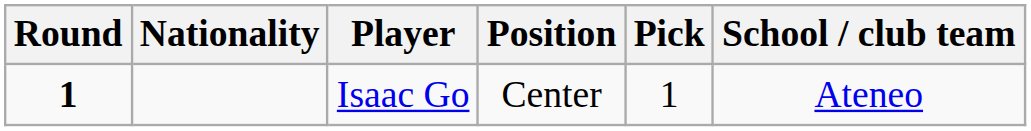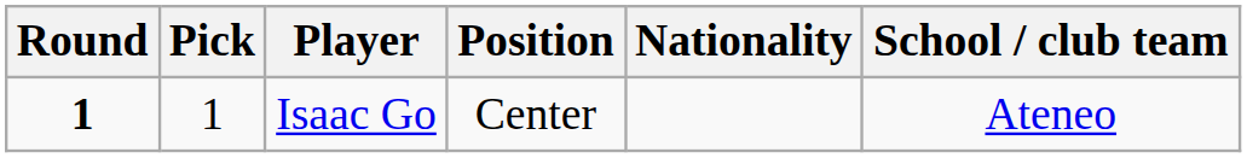 <table class="wikitable sortable sortable">
 <tr>
 <th>Round</th>
-<th>Nationality</th>
+<th>Pick</th>
 <th>Player</th>
 <th>Position</th>
-<th>Pick</th>
+<th>Nationality</th>
 <th>School / club team</th>
 </tr>
 <tr style="text-align: center">
 <td><strong>1</strong></td>
-<td></td>
+<td>1</td>
 <td><a href='#'>Isaac Go</a></td>
 <td>Center</td>
-<td>1</td>
+<td></td>
 <td><a href='#'>Ateneo</a></td>
 </tr>
 </table>
